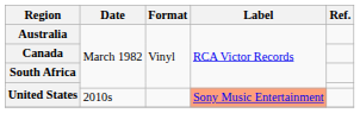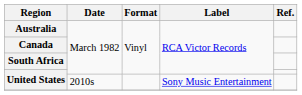 <table class="wikitable plainrowheaders">
 <tr>
 <th scope="col">Region</th>
 <th scope="col">Date</th>
 <th scope="col">Format</th>
 <th scope="col">Label</th>
 <th scope="col">Ref.</th>
 </tr>
 <tr>
 <th scope="row">Australia</th>
 <td rowspan="4">March 1982</td>
 <td rowspan="4">Vinyl</td>
 <td rowspan="4"><a href='#'>RCA Victor Records</a></td>
 <td></td>
 </tr>
 <tr>
 <th scope="row">Canada</th>
 <td></td>
 </tr>
 <tr>
 <th scope="row">South Africa</th>
 <td></td>
 </tr>
 <tr>
 <th scope="row" rowspan="2">United States</th>
 <td></td>
 </tr>
 <tr>
 <td>2010s</td>
 <td></td>
-<td style="background: lightsalmon;"><a href='#'>Sony Music Entertainment</a></td>
+<td><a href='#'>Sony Music Entertainment</a></td>
 <td></td>
 </tr>
 <tr>
 </tr>
 </table>
